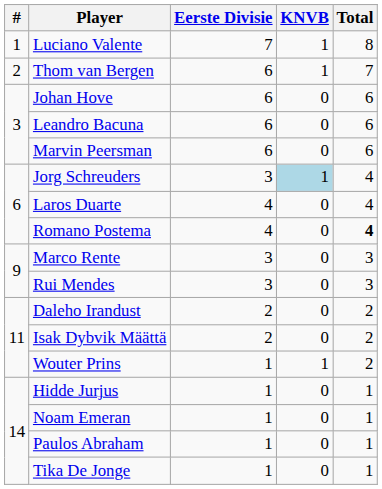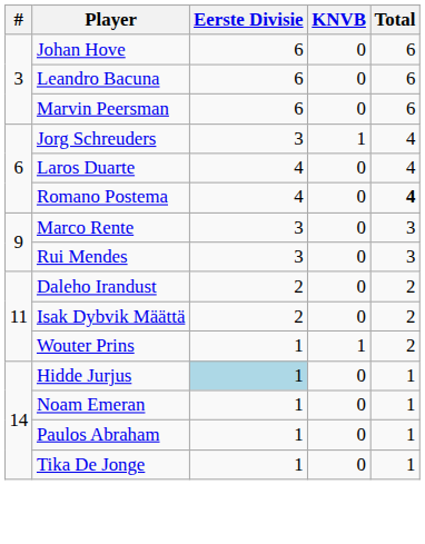 <table class="wikitable" style="text-align:right;">
 <tr>
 <th>#</th>
 <th>Player</th>
 <th><a href='#'>Eerste Divisie</a></th>
 <th><a href='#'>KNVB</a></th>
 <th>Total</th>
-</tr>
-<tr>
-<td align=center>1</td>
-<td align=left> <a href='#'>Luciano Valente</a></td>
-<td>7</td>
-<td>1</td>
-<td>8</td>
-</tr>
-<tr>
-<td align=center>2</td>
-<td align=left> <a href='#'>Thom van Bergen</a></td>
-<td>6</td>
-<td>1</td>
-<td>7</td>
 </tr>
 <tr>
 <td align=center rowspan=3>3</td>
 <td align=left> <a href='#'>Johan Hove</a></td>
 <td>6</td>
 <td>0</td>
 <td>6</td>
 </tr>
 <tr>
 <td align=left> <a href='#'>Leandro Bacuna</a></td>
 <td>6</td>
 <td>0</td>
 <td>6</td>
 </tr>
 <tr>
 <td align=left> <a href='#'>Marvin Peersman</a></td>
 <td>6</td>
 <td>0</td>
 <td>6</td>
 </tr>
 <tr>
 <td align=center rowspan=3>6</td>
 <td align=left> <a href='#'>Jorg Schreuders</a></td>
 <td>3</td>
-<td style="background: lightblue;">1</td>
+<td>1</td>
 <td>4</td>
 </tr>
 <tr>
 <td align=left> <a href='#'>Laros Duarte</a></td>
 <td>4</td>
 <td>0</td>
 <td>4</td>
 </tr>
 <tr>
 <td align=left> <a href='#'>Romano Postema</a></td>
 <td>4</td>
 <td>0</td>
 <td><strong>4</strong></td>
 </tr>
 <tr>
 <td align=center rowspan=2>9</td>
 <td align=left> <a href='#'>Marco Rente</a></td>
 <td>3</td>
 <td>0</td>
 <td>3</td>
 </tr>
 <tr>
 <td align=left> <a href='#'>Rui Mendes</a></td>
 <td>3</td>
 <td>0</td>
 <td>3</td>
 </tr>
 <tr>
 <td align=center rowspan=3>11</td>
 <td align=left> <a href='#'>Daleho Irandust</a></td>
 <td>2</td>
 <td>0</td>
 <td>2</td>
 </tr>
 <tr>
 <td align=left> <a href='#'>Isak Dybvik Määttä</a></td>
 <td>2</td>
 <td>0</td>
 <td>2</td>
 </tr>
 <tr>
 <td align=left> <a href='#'>Wouter Prins</a></td>
 <td>1</td>
 <td>1</td>
 <td>2</td>
 </tr>
 <tr>
 <td align=center rowspan=4>14</td>
 <td align=left> <a href='#'>Hidde Jurjus</a></td>
-<td>1</td>
+<td style="background: lightblue;">1</td>
 <td>0</td>
 <td>1</td>
 </tr>
 <tr>
 <td align=left> <a href='#'>Noam Emeran</a></td>
 <td>1</td>
 <td>0</td>
 <td>1</td>
 </tr>
 <tr>
 <td align=left> <a href='#'>Paulos Abraham</a></td>
 <td>1</td>
 <td>0</td>
 <td>1</td>
 </tr>
 <tr>
 <td align=left> <a href='#'>Tika De Jonge</a></td>
 <td>1</td>
 <td>0</td>
 <td>1</td>
 </tr>
 </table>
